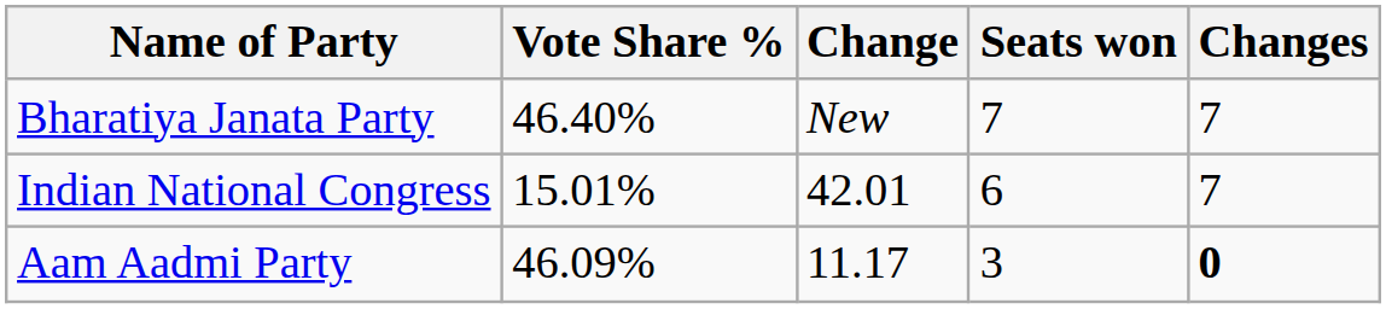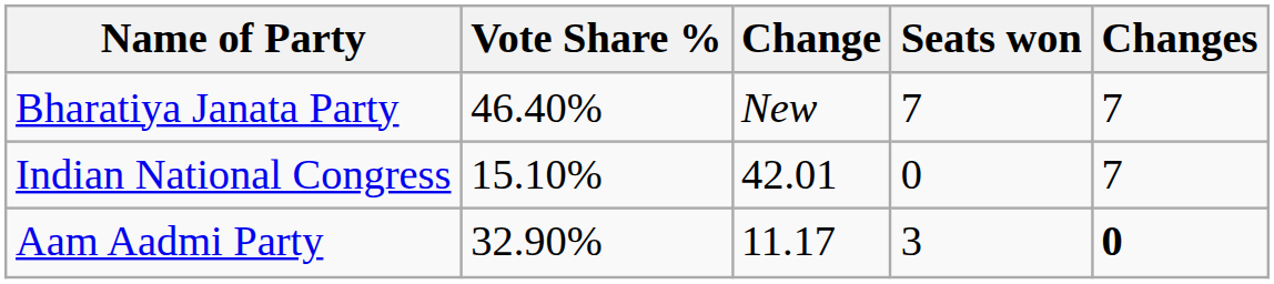 <table class="wikitable">
 <tr>
 <th>Name of Party</th>
 <th>Vote Share %</th>
 <th>Change</th>
 <th>Seats won</th>
 <th>Changes</th>
 </tr>
 <tr>
 <td><a href='#'>Bharatiya Janata Party</a></td>
 <td>46.40%</td>
 <td><em>New</em></td>
 <td>7</td>
 <td> 7</td>
 </tr>
 <tr>
 <td><a href='#'>Indian National Congress</a></td>
-<td>15.01%</td>
+<td>15.10%</td>
 <td> 42.01</td>
-<td>6</td>
+<td>0</td>
 <td> 7</td>
 </tr>
 <tr>
 <td><a href='#'>Aam Aadmi Party</a></td>
-<td>46.09%</td>
+<td>32.90%</td>
 <td> 11.17</td>
 <td>3</td>
 <td><strong>0</strong></td>
 </tr>
 </table>
